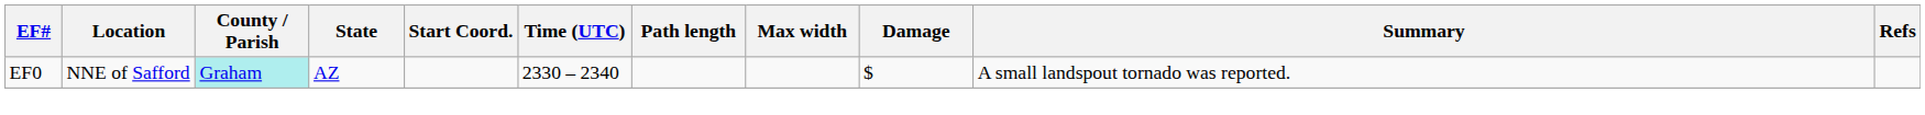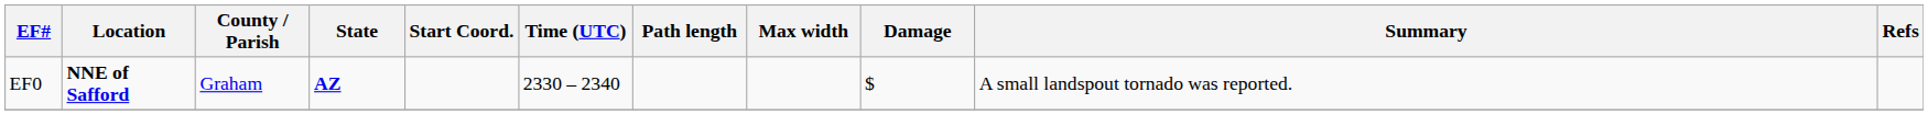 <table class="wikitable sortable" style="width:100%;">
 <tr>
 <th scope="col" width="3%" align="center"><a href='#'>EF#</a></th>
 <th scope="col" width="7%" align="center" class="unsortable">Location</th>
 <th scope="col" width="6%" align="center" class="unsortable">County / Parish</th>
 <th scope="col" width="5%" align="center">State</th>
 <th scope="col" width="6%" align="center">Start Coord.</th>
 <th scope="col" width="6%" align="center">Time (<a href='#'>UTC</a>)</th>
 <th scope="col" width="6%" align="center">Path length</th>
 <th scope="col" width="6%" align="center">Max width</th>
 <th scope="col" width="6%" align="center">Damage</th>
 <th scope="col" width="48%" class="unsortable" align="center">Summary</th>
 <th scope="col" width="48%" class="unsortable" align="center">Refs</th>
 </tr>
 <tr>
 <td>EF0</td>
-<td>NNE of <a href='#'>Safford</a></td>
-<td style="background: paleturquoise;"><a href='#'>Graham</a></td>
-<td><a href='#'>AZ</a></td>
+<td><strong>NNE of <a href='#'>Safford</a></strong></td>
+<td><a href='#'>Graham</a></td>
+<td><strong><a href='#'>AZ</a></strong></td>
 <td></td>
 <td>2330 – 2340</td>
 <td></td>
 <td></td>
 <td>$</td>
 <td>A small landspout tornado was reported.</td>
 <td></td>
 </tr>
 <tr>
 </tr>
 </table>
